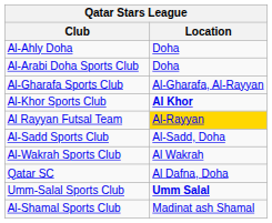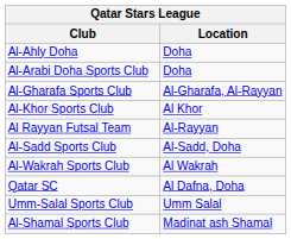 <table class="wikitable">
 <tr>
 <th colspan="4">Qatar Stars League</th>
 </tr>
 <tr>
 <th style="width:200px;">Club</th>
 <th style="width:160px;">Location</th>
 </tr>
 <tr style="vertical-align:top;">
 <td><a href='#'>Al-Ahly Doha</a></td>
 <td><a href='#'>Doha</a></td>
 </tr>
 <tr style="vertical-align:top;">
 <td><a href='#'>Al-Arabi Doha Sports Club</a></td>
 <td><a href='#'>Doha</a></td>
 </tr>
 <tr style="vertical-align:top;">
 <td><a href='#'>Al-Gharafa Sports Club</a></td>
 <td><a href='#'>Al-Gharafa, Al-Rayyan</a></td>
 </tr>
 <tr style="vertical-align:top;">
 <td><a href='#'>Al-Khor Sports Club</a></td>
-<td><strong><a href='#'>Al Khor</a></strong></td>
+<td><a href='#'>Al Khor</a></td>
 </tr>
 <tr style="vertical-align:top;">
 <td><a href='#'>Al Rayyan Futsal Team</a></td>
-<td style="background: gold;"><a href='#'>Al-Rayyan</a></td>
+<td><a href='#'>Al-Rayyan</a></td>
 </tr>
 <tr style="vertical-align:top;">
 <td><a href='#'>Al-Sadd Sports Club</a></td>
 <td><a href='#'>Al-Sadd, Doha</a></td>
 </tr>
 <tr style="vertical-align:top;">
 <td><a href='#'>Al-Wakrah Sports Club</a></td>
 <td><a href='#'>Al Wakrah</a></td>
 </tr>
 <tr style="vertical-align:top;">
 <td><a href='#'>Qatar SC</a></td>
 <td><a href='#'>Al Dafna, Doha</a></td>
 </tr>
 <tr style="vertical-align:top;">
 <td><a href='#'>Umm-Salal Sports Club</a></td>
-<td><strong><a href='#'>Umm Salal</a></strong></td>
+<td><a href='#'>Umm Salal</a></td>
 </tr>
 <tr style="vertical-align:top;">
 <td><a href='#'>Al-Shamal Sports Club</a></td>
 <td><a href='#'>Madinat ash Shamal</a></td>
 </tr>
 </table>
